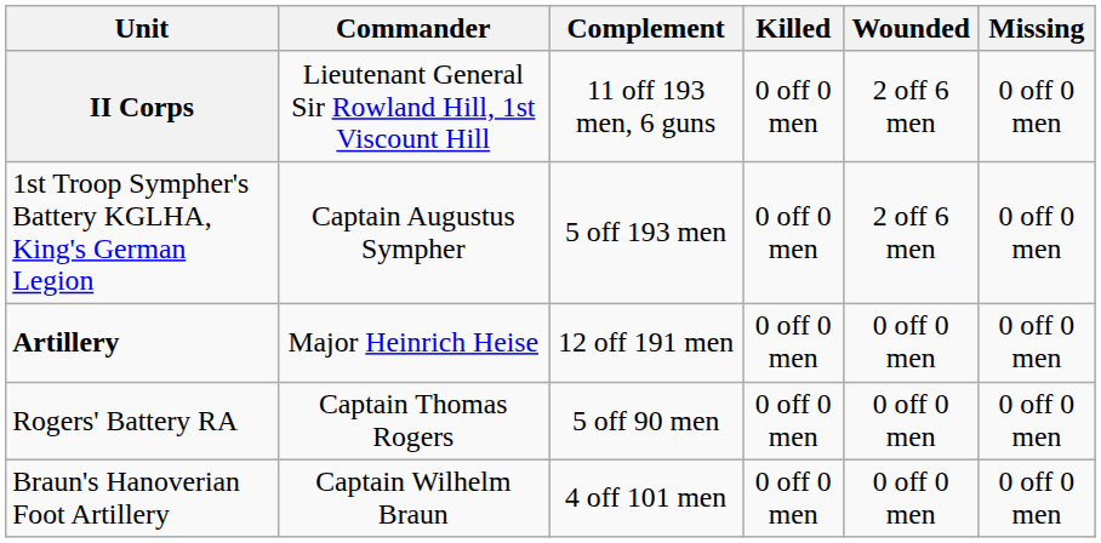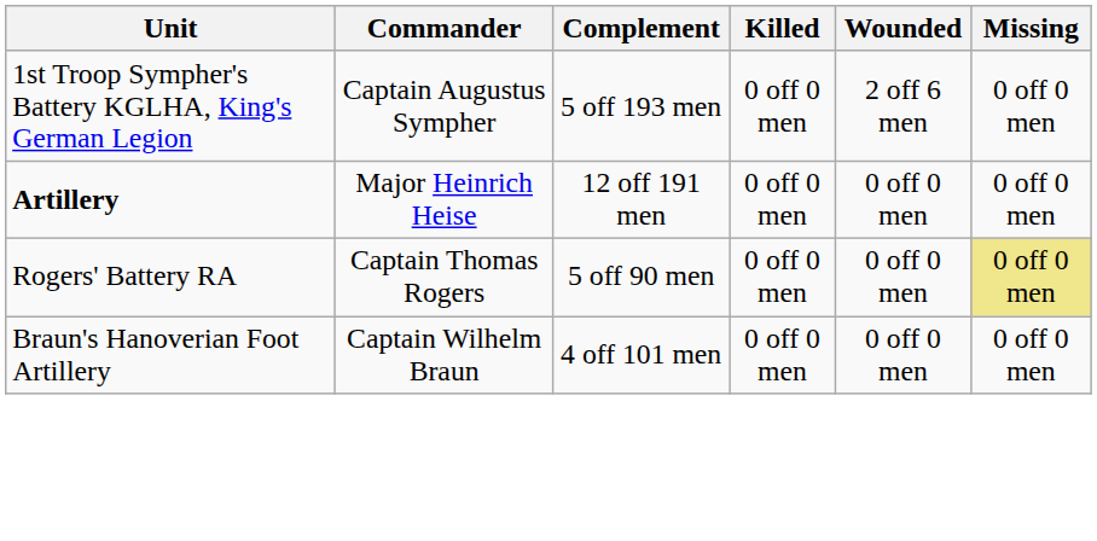 <table class="wikitable">
 <tr>
 <th>Unit</th>
 <th>Commander</th>
 <th>Complement</th>
 <th>Killed</th>
 <th>Wounded</th>
 <th>Missing</th>
-</tr>
-<tr>
-<th colspan="1" bgcolor="#f9f9f9;">II Corps</th>
-<td align="center">Lieutenant General Sir <a href='#'>Rowland Hill, 1st Viscount Hill</a></td>
-<td align="center">11 off 193 men, 6 guns</td>
-<td align="center">0 off 0 men</td>
-<td align="center">2 off 6 men</td>
-<td align="center">0 off 0 men</td>
 </tr>
 <tr>
 <td>1st Troop Sympher's Battery KGLHA, <a href='#'>King's German Legion</a></td>
 <td align="center">Captain Augustus Sympher</td>
 <td align="center">5 off 193 men</td>
 <td align="center">0 off 0 men</td>
 <td align="center">2 off 6 men</td>
 <td align="center">0 off 0 men</td>
 </tr>
 <tr>
 <td><strong>Artillery</strong></td>
 <td align="center">Major <a href='#'>Heinrich Heise</a></td>
 <td align="center">12 off 191 men</td>
 <td align="center">0 off 0 men</td>
 <td align="center">0 off 0 men</td>
 <td align="center">0 off 0 men</td>
 </tr>
 <tr>
 <td>Rogers' Battery RA</td>
 <td align="center">Captain Thomas Rogers</td>
 <td align="center">5 off 90 men</td>
 <td align="center">0 off 0 men</td>
 <td align="center">0 off 0 men</td>
-<td align="center">0 off 0 men</td>
+<td align="center" style="background: khaki;">0 off 0 men</td>
 </tr>
 <tr>
 <td>Braun's Hanoverian Foot Artillery</td>
 <td align="center">Captain Wilhelm Braun</td>
 <td align="center">4 off 101 men</td>
 <td align="center">0 off 0 men</td>
 <td align="center">0 off 0 men</td>
 <td align="center">0 off 0 men</td>
 </tr>
 </table>
